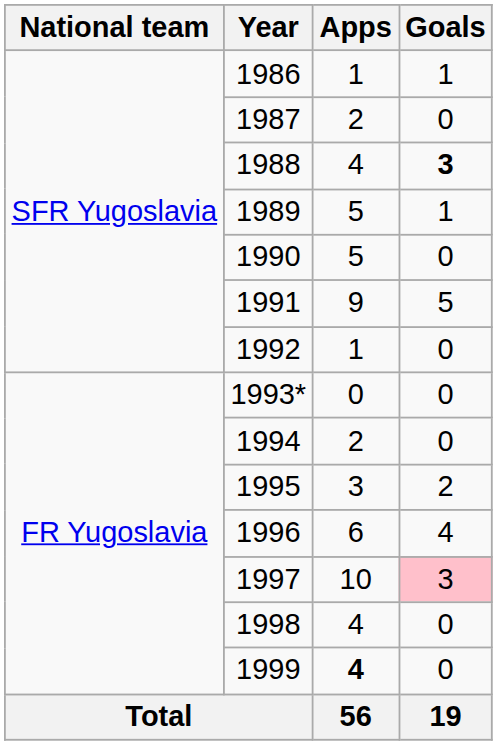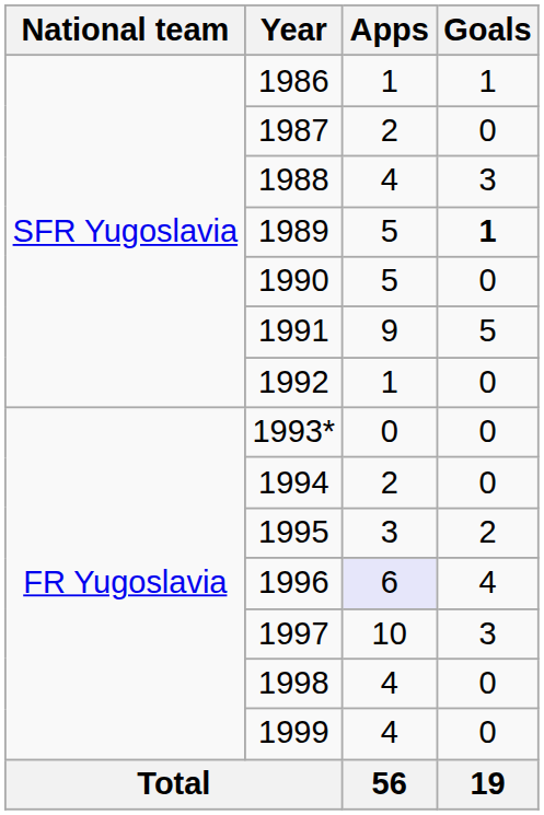 <table class="wikitable" style="text-align:center">
 <tr>
 <th>National team</th>
 <th>Year</th>
 <th>Apps</th>
 <th>Goals</th>
 </tr>
 <tr>
 <td rowspan="7"><a href='#'>SFR Yugoslavia</a></td>
 <td>1986</td>
 <td>1</td>
 <td>1</td>
 </tr>
 <tr>
 <td>1987</td>
 <td>2</td>
 <td>0</td>
 </tr>
 <tr>
 <td>1988</td>
 <td>4</td>
-<td><strong>3</strong></td>
+<td>3</td>
 </tr>
 <tr>
 <td>1989</td>
 <td>5</td>
-<td>1</td>
+<td><strong>1</strong></td>
 </tr>
 <tr>
 <td>1990</td>
 <td>5</td>
 <td>0</td>
 </tr>
 <tr>
 <td>1991</td>
 <td>9</td>
 <td>5</td>
 </tr>
 <tr>
 <td>1992</td>
 <td>1</td>
 <td>0</td>
 </tr>
 <tr>
 <td rowspan="7"><a href='#'>FR Yugoslavia</a></td>
 <td>1993*</td>
 <td>0</td>
 <td>0</td>
 </tr>
 <tr>
 <td>1994</td>
 <td>2</td>
 <td>0</td>
 </tr>
 <tr>
 <td>1995</td>
 <td>3</td>
 <td>2</td>
 </tr>
 <tr>
 <td>1996</td>
-<td>6</td>
+<td style="background: lavender;">6</td>
 <td>4</td>
 </tr>
 <tr>
 <td>1997</td>
 <td>10</td>
-<td style="background: pink;">3</td>
+<td>3</td>
 </tr>
 <tr>
 <td>1998</td>
 <td>4</td>
 <td>0</td>
 </tr>
 <tr>
 <td>1999</td>
-<td><strong>4</strong></td>
+<td>4</td>
 <td>0</td>
 </tr>
 <tr>
 <th colspan="2">Total</th>
 <th>56</th>
 <th>19</th>
 </tr>
 </table>
